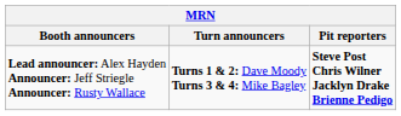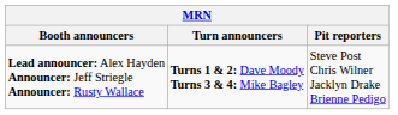 <table class="wikitable" style="font-size: 95%;">
 <tr>
 <th colspan="3"><a href='#'>MRN</a></th>
 </tr>
 <tr>
 <th>Booth announcers</th>
 <th>Turn announcers</th>
 <th>Pit reporters</th>
 </tr>
 <tr>
 <td><strong>Lead announcer:</strong> Alex Hayden<br><strong>Announcer:</strong> Jeff Striegle<br><strong>Announcer:</strong> <a href='#'>Rusty Wallace</a></td>
 <td><strong>Turns 1 & 2:</strong> <a href='#'>Dave Moody</a><br><strong>Turns 3 & 4:</strong> <a href='#'>Mike Bagley</a></td>
-<td><strong>Steve Post<br>Chris Wilner<br>Jacklyn Drake<br><a href='#'>Brienne Pedigo</a></strong></td>
+<td>Steve Post<br>Chris Wilner<br>Jacklyn Drake<br><a href='#'>Brienne Pedigo</a></td>
 </tr>
 </table>
